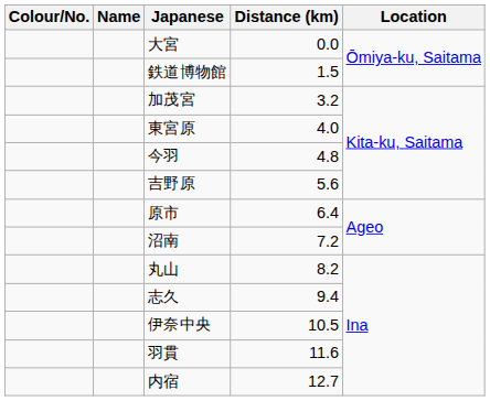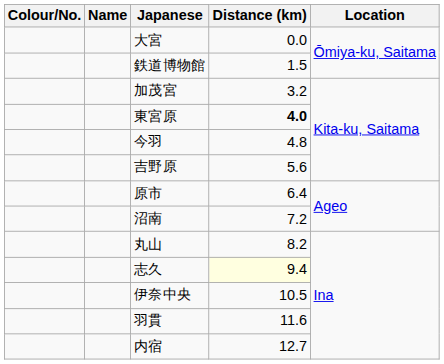 <table class="wikitable">
 <tr>
 <th>Colour/No.</th>
 <th>Name</th>
 <th>Japanese</th>
 <th>Distance (km)</th>
 <th>Location</th>
 </tr>
 <tr>
 <td> </td>
 <td></td>
 <td>大宮</td>
 <td align=right>0.0</td>
 <td rowspan=2><a href='#'>Ōmiya-ku, Saitama</a></td>
 </tr>
 <tr>
 <td> </td>
 <td></td>
 <td>鉄道博物館</td>
 <td align=right>1.5</td>
 </tr>
 <tr>
 <td> </td>
 <td></td>
 <td>加茂宮</td>
 <td align=right>3.2</td>
 <td rowspan=4><a href='#'>Kita-ku, Saitama</a></td>
 </tr>
 <tr>
 <td> </td>
 <td></td>
 <td>東宮原</td>
-<td align=right>4.0</td>
+<td align=right><strong>4.0</strong></td>
 </tr>
 <tr>
 <td> </td>
 <td></td>
 <td>今羽</td>
 <td align=right>4.8</td>
 </tr>
 <tr>
 <td> </td>
 <td></td>
 <td>吉野原</td>
 <td align=right>5.6</td>
 </tr>
 <tr>
 <td> </td>
 <td></td>
 <td>原市</td>
 <td align=right>6.4</td>
 <td rowspan=2><a href='#'>Ageo</a></td>
 </tr>
 <tr>
 <td> </td>
 <td></td>
 <td>沼南</td>
 <td align=right>7.2</td>
 </tr>
 <tr>
 <td> </td>
 <td></td>
 <td>丸山</td>
 <td align=right>8.2</td>
 <td rowspan=5><a href='#'>Ina</a></td>
 </tr>
 <tr>
 <td> </td>
 <td></td>
 <td>志久</td>
-<td align=right>9.4</td>
+<td align=right style="background: lightyellow;">9.4</td>
 </tr>
 <tr>
 <td> </td>
 <td></td>
 <td>伊奈中央</td>
 <td align=right>10.5</td>
 </tr>
 <tr>
 <td> </td>
 <td></td>
 <td>羽貫</td>
 <td align=right>11.6</td>
 </tr>
 <tr>
 <td> </td>
 <td></td>
 <td>内宿</td>
 <td align=right>12.7</td>
 </tr>
 </table>
